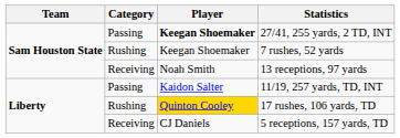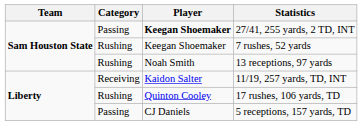 <table class="wikitable" style="float: right;">
 <tr>
 <th>Team</th>
 <th>Category</th>
 <th>Player</th>
 <th>Statistics</th>
 </tr>
 <tr>
 <td rowspan=3><strong>Sam Houston State</strong></td>
 <td>Passing</td>
 <td><strong>Keegan Shoemaker</strong></td>
 <td>27/41, 255 yards, 2 TD, INT</td>
 </tr>
 <tr>
 <td>Rushing</td>
 <td>Keegan Shoemaker</td>
 <td>7 rushes, 52 yards</td>
 </tr>
 <tr>
-<td>Receiving</td>
+<td>Rushing</td>
 <td>Noah Smith</td>
 <td>13 receptions, 97 yards</td>
 </tr>
 <tr>
 <td rowspan=3><strong>Liberty</strong></td>
-<td>Passing</td>
+<td>Receiving</td>
 <td><a href='#'>Kaidon Salter</a></td>
 <td>11/19, 257 yards, TD, INT</td>
 </tr>
 <tr>
 <td>Rushing</td>
-<td style="background: gold;"><a href='#'>Quinton Cooley</a></td>
+<td><a href='#'>Quinton Cooley</a></td>
 <td>17 rushes, 106 yards, TD</td>
 </tr>
 <tr>
-<td>Receiving</td>
+<td>Passing</td>
 <td>CJ Daniels</td>
 <td>5 receptions, 157 yards, TD</td>
 </tr>
 </table>
